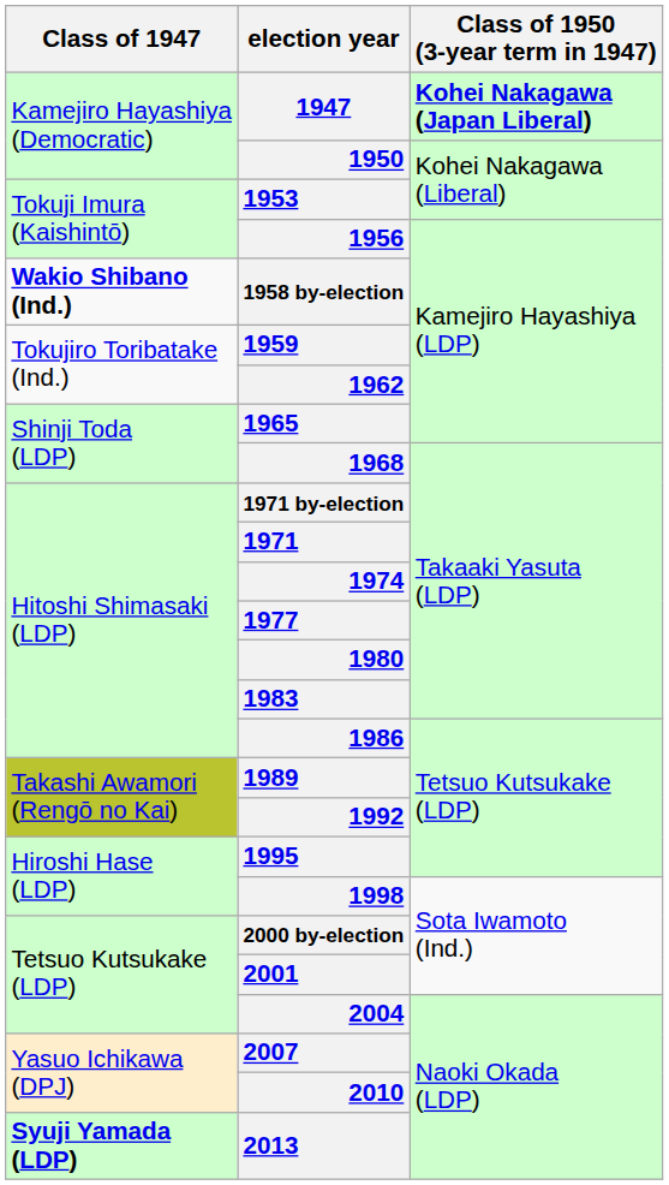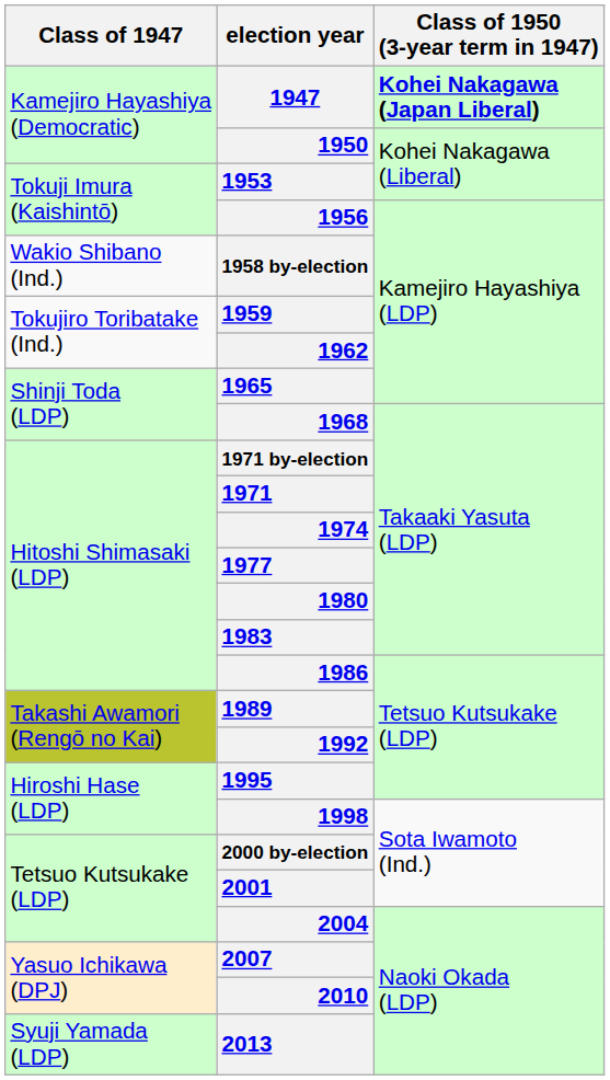 <table class="wikitable" border="1">
 <tr>
 <th>Class of 1947</th>
 <th>election year</th>
 <th>Class of 1950<br>(3-year term in 1947)</th>
 </tr>
 <tr>
 <td rowspan="2" bgcolor="#CCFFCD"><a href='#'>Kamejiro Hayashiya</a><br>(<a href='#'>Democratic</a>)</td>
 <th style="text-align: center"><a href='#'>1947</a></th>
 <td bgcolor="#CCFFCC"><strong><a href='#'>Kohei Nakagawa</a><br>(<a href='#'>Japan Liberal</a>)</strong></td>
 </tr>
 <tr>
 <th style="text-align: right"><a href='#'>1950</a></th>
 <td rowspan="2" bgcolor="#CCFFCC">Kohei Nakagawa<br>(<a href='#'>Liberal</a>)</td>
 </tr>
 <tr>
 <td rowspan="2" bgcolor="#CCFFCC"><a href='#'>Tokuji Imura</a><br>(<a href='#'>Kaishintō</a>)</td>
 <th style="text-align: left"><a href='#'>1953</a></th>
 </tr>
 <tr>
 <th style="text-align: right"><a href='#'>1956</a></th>
 <td rowspan="5" bgcolor="#CCFFCC">Kamejiro Hayashiya<br>(<a href='#'>LDP</a>)</td>
 </tr>
 <tr>
-<td><strong><a href='#'>Wakio Shibano</a><br>(Ind.)</strong></td>
+<td><a href='#'>Wakio Shibano</a><br>(Ind.)</td>
 <th style="text-align: left"><small>1958 by-election</small></th>
 </tr>
 <tr>
 <td rowspan="2"><a href='#'>Tokujiro Toribatake</a><br>(Ind.)</td>
 <th style="text-align: left"><a href='#'>1959</a></th>
 </tr>
 <tr>
 <th style="text-align: right"><a href='#'>1962</a></th>
 </tr>
 <tr>
 <td rowspan="2" bgcolor="#CCFFCC"><a href='#'>Shinji Toda</a><br>(<a href='#'>LDP</a>)</td>
 <th style="text-align: left"><a href='#'>1965</a></th>
 </tr>
 <tr>
 <th style="text-align: right"><a href='#'>1968</a></th>
 <td rowspan="7" bgcolor="#CCFFCC"><a href='#'>Takaaki Yasuta</a><br>(<a href='#'>LDP</a>)</td>
 </tr>
 <tr>
 <td rowspan="7" bgcolor="#CCFFCC"><a href='#'>Hitoshi Shimasaki</a><br>(<a href='#'>LDP</a>)</td>
 <th style="text-align: left"><small>1971 by-election</small></th>
 </tr>
 <tr>
 <th style="text-align: left"><a href='#'>1971</a></th>
 </tr>
 <tr>
 <th style="text-align: right"><a href='#'>1974</a></th>
 </tr>
 <tr>
 <th style="text-align: left"><a href='#'>1977</a></th>
 </tr>
 <tr>
 <th style="text-align: right"><a href='#'>1980</a></th>
 </tr>
 <tr>
 <th style="text-align: left"><a href='#'>1983</a></th>
 </tr>
 <tr>
 <th style="text-align: right"><a href='#'>1986</a></th>
 <td rowspan="4" bgcolor="#CCFFCC"><a href='#'>Tetsuo Kutsukake</a><br>(<a href='#'>LDP</a>)</td>
 </tr>
 <tr>
 <td rowspan="2" bgcolor="#B9C42F"><a href='#'>Takashi Awamori</a><br>(<a href='#'>Rengō no Kai</a>)</td>
 <th style="text-align: left"><a href='#'>1989</a></th>
 </tr>
 <tr>
 <th style="text-align: right"><a href='#'>1992</a></th>
 </tr>
 <tr>
 <td rowspan="2" bgcolor="#CCFFCC"><a href='#'>Hiroshi Hase</a><br>(<a href='#'>LDP</a>)</td>
 <th style="text-align: left"><a href='#'>1995</a></th>
 </tr>
 <tr>
 <th style="text-align: right"><a href='#'>1998</a></th>
 <td rowspan="3"><a href='#'>Sota Iwamoto</a><br>(Ind.)</td>
 </tr>
 <tr>
 <td rowspan="3" bgcolor="#CCFFCC">Tetsuo Kutsukake<br>(<a href='#'>LDP</a>)</td>
 <th style="text-align: left"><small>2000 by-election</small></th>
 </tr>
 <tr>
 <th style="text-align: left"><a href='#'>2001</a></th>
 </tr>
 <tr>
 <th style="text-align: right"><a href='#'>2004</a></th>
 <td rowspan="4" bgcolor="#CCFFCC"><a href='#'>Naoki Okada</a><br>(<a href='#'>LDP</a>)</td>
 </tr>
 <tr>
 <td rowspan="2" bgcolor="#FFEECC"><a href='#'>Yasuo Ichikawa</a><br>(<a href='#'>DPJ</a>)</td>
 <th style="text-align: left"><a href='#'>2007</a></th>
 </tr>
 <tr>
 <th style="text-align: right"><a href='#'>2010</a></th>
 </tr>
 <tr>
-<td bgcolor="#CCFFCC"><strong><a href='#'>Syuji Yamada</a><br>(<a href='#'>LDP</a>)</strong></td>
+<td bgcolor="#CCFFCC"><a href='#'>Syuji Yamada</a><br>(<a href='#'>LDP</a>)</td>
 <th style="text-align: left"><a href='#'>2013</a></th>
 </tr>
 </table>
